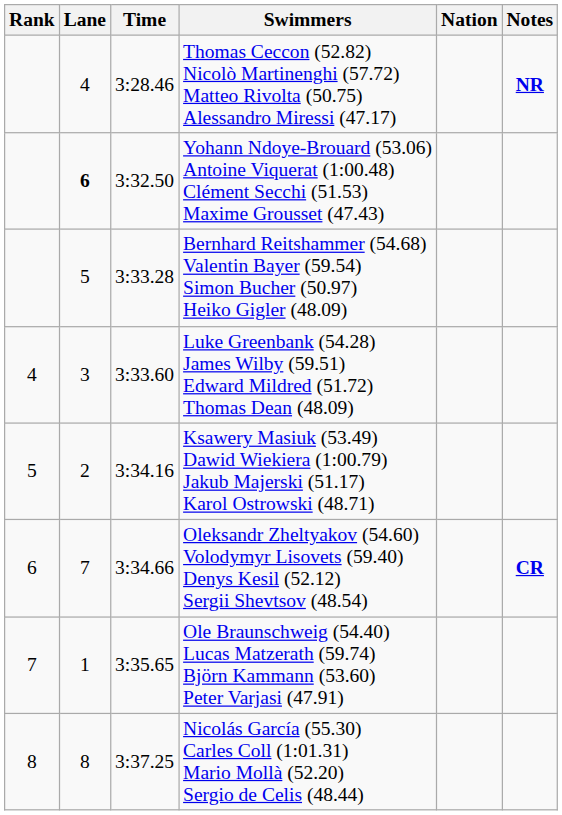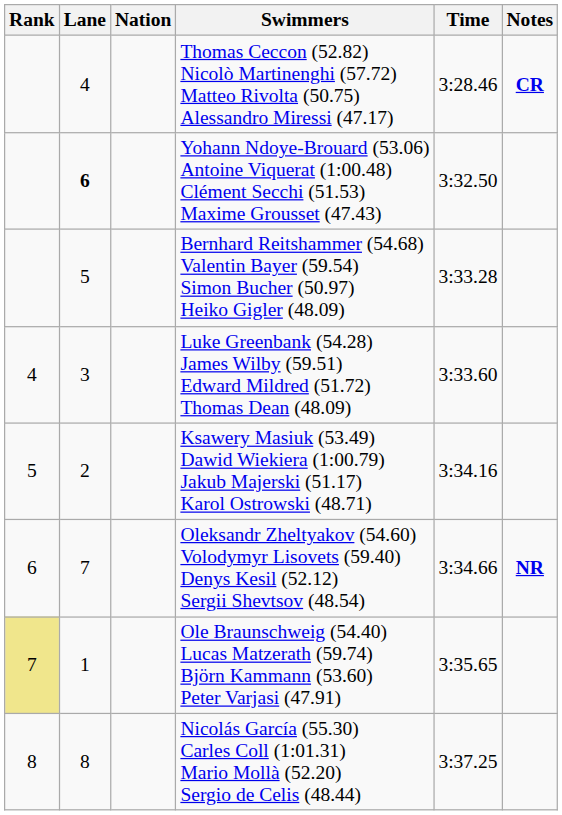 <table class="wikitable sortable" style="text-align:center">
 <tr>
 <th>Rank</th>
 <th>Lane</th>
+<th>Nation</th>
+<th>Swimmers</th>
 <th>Time</th>
-<th>Swimmers</th>
-<th>Nation</th>
 <th>Notes</th>
 </tr>
 <tr>
 <td></td>
 <td>4</td>
+<td align=left></td>
+<td align=left><a href='#'>Thomas Ceccon</a> (52.82)<br><a href='#'>Nicolò Martinenghi</a> (57.72)<br><a href='#'>Matteo Rivolta</a> (50.75)<br><a href='#'>Alessandro Miressi</a> (47.17)</td>
 <td>3:28.46</td>
-<td align=left><a href='#'>Thomas Ceccon</a> (52.82)<br><a href='#'>Nicolò Martinenghi</a> (57.72)<br><a href='#'>Matteo Rivolta</a> (50.75)<br><a href='#'>Alessandro Miressi</a> (47.17)</td>
-<td align=left></td>
-<td><strong><a href='#'>NR</a></strong></td>
+<td><strong><a href='#'>CR</a></strong></td>
 </tr>
 <tr>
 <td></td>
 <td><strong>6</strong></td>
+<td align=left></td>
+<td align=left><a href='#'>Yohann Ndoye-Brouard</a> (53.06)<br><a href='#'>Antoine Viquerat</a> (1:00.48)<br><a href='#'>Clément Secchi</a> (51.53)<br><a href='#'>Maxime Grousset</a> (47.43)</td>
 <td>3:32.50</td>
-<td align=left><a href='#'>Yohann Ndoye-Brouard</a> (53.06)<br><a href='#'>Antoine Viquerat</a> (1:00.48)<br><a href='#'>Clément Secchi</a> (51.53)<br><a href='#'>Maxime Grousset</a> (47.43)</td>
-<td align=left></td>
 <td></td>
 </tr>
 <tr>
 <td></td>
 <td>5</td>
+<td align=left></td>
+<td align=left><a href='#'>Bernhard Reitshammer</a> (54.68)<br><a href='#'>Valentin Bayer</a> (59.54)<br><a href='#'>Simon Bucher</a> (50.97)<br><a href='#'>Heiko Gigler</a> (48.09)</td>
 <td>3:33.28</td>
-<td align=left><a href='#'>Bernhard Reitshammer</a> (54.68)<br><a href='#'>Valentin Bayer</a> (59.54)<br><a href='#'>Simon Bucher</a> (50.97)<br><a href='#'>Heiko Gigler</a> (48.09)</td>
-<td align=left></td>
 <td></td>
 </tr>
 <tr>
 <td>4</td>
 <td>3</td>
+<td align=left></td>
+<td align=left><a href='#'>Luke Greenbank</a> (54.28)<br><a href='#'>James Wilby</a> (59.51)<br><a href='#'>Edward Mildred</a> (51.72)<br><a href='#'>Thomas Dean</a> (48.09)</td>
 <td>3:33.60</td>
-<td align=left><a href='#'>Luke Greenbank</a> (54.28)<br><a href='#'>James Wilby</a> (59.51)<br><a href='#'>Edward Mildred</a> (51.72)<br><a href='#'>Thomas Dean</a> (48.09)</td>
-<td align=left></td>
 <td></td>
 </tr>
 <tr>
 <td>5</td>
 <td>2</td>
+<td align=left></td>
+<td align=left><a href='#'>Ksawery Masiuk</a> (53.49)<br><a href='#'>Dawid Wiekiera</a> (1:00.79)<br><a href='#'>Jakub Majerski</a> (51.17)<br><a href='#'>Karol Ostrowski</a> (48.71)</td>
 <td>3:34.16</td>
-<td align=left><a href='#'>Ksawery Masiuk</a> (53.49)<br><a href='#'>Dawid Wiekiera</a> (1:00.79)<br><a href='#'>Jakub Majerski</a> (51.17)<br><a href='#'>Karol Ostrowski</a> (48.71)</td>
-<td align=left></td>
 <td></td>
 </tr>
 <tr>
 <td>6</td>
 <td>7</td>
+<td align=left></td>
+<td align=left><a href='#'>Oleksandr Zheltyakov</a> (54.60)<br><a href='#'>Volodymyr Lisovets</a> (59.40)<br><a href='#'>Denys Kesil</a> (52.12)<br><a href='#'>Sergii Shevtsov</a> (48.54)</td>
 <td>3:34.66</td>
-<td align=left><a href='#'>Oleksandr Zheltyakov</a> (54.60)<br><a href='#'>Volodymyr Lisovets</a> (59.40)<br><a href='#'>Denys Kesil</a> (52.12)<br><a href='#'>Sergii Shevtsov</a> (48.54)</td>
-<td align=left></td>
-<td><strong><a href='#'>CR</a></strong></td>
+<td><strong><a href='#'>NR</a></strong></td>
 </tr>
 <tr>
-<td>7</td>
+<td style="background: khaki;">7</td>
 <td>1</td>
+<td align=left></td>
+<td align=left><a href='#'>Ole Braunschweig</a> (54.40)<br><a href='#'>Lucas Matzerath</a> (59.74)<br><a href='#'>Björn Kammann</a> (53.60)<br><a href='#'>Peter Varjasi</a> (47.91)</td>
 <td>3:35.65</td>
-<td align=left><a href='#'>Ole Braunschweig</a> (54.40)<br><a href='#'>Lucas Matzerath</a> (59.74)<br><a href='#'>Björn Kammann</a> (53.60)<br><a href='#'>Peter Varjasi</a> (47.91)</td>
-<td align=left></td>
 <td></td>
 </tr>
 <tr>
 <td>8</td>
 <td>8</td>
+<td align=left></td>
+<td align=left><a href='#'>Nicolás García</a> (55.30)<br><a href='#'>Carles Coll</a> (1:01.31)<br><a href='#'>Mario Mollà</a> (52.20)<br><a href='#'>Sergio de Celis</a> (48.44)</td>
 <td>3:37.25</td>
-<td align=left><a href='#'>Nicolás García</a> (55.30)<br><a href='#'>Carles Coll</a> (1:01.31)<br><a href='#'>Mario Mollà</a> (52.20)<br><a href='#'>Sergio de Celis</a> (48.44)</td>
-<td align=left></td>
 <td></td>
 </tr>
 </table>
